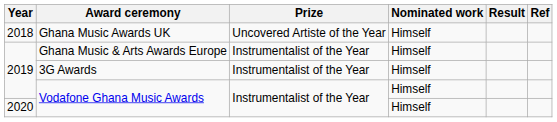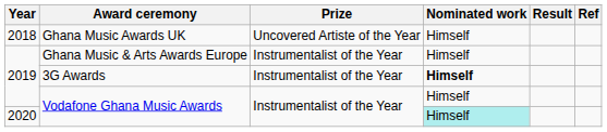 <table class="wikitable">
 <tr>
 <th>Year</th>
 <th>Award ceremony</th>
 <th>Prize</th>
 <th>Nominated work</th>
 <th>Result</th>
 <th>Ref</th>
 </tr>
 <tr>
 <td>2018</td>
 <td>Ghana Music Awards UK</td>
 <td>Uncovered Artiste of the Year</td>
 <td>Himself</td>
 <td></td>
 <td></td>
 </tr>
 <tr>
 <td rowspan="3">2019</td>
 <td>Ghana Music & Arts Awards Europe</td>
 <td>Instrumentalist of the Year</td>
 <td>Himself</td>
 <td></td>
 <td></td>
 </tr>
 <tr>
 <td>3G Awards</td>
 <td>Instrumentalist of the Year</td>
-<td>Himself</td>
+<td><strong>Himself</strong></td>
 <td></td>
 <td></td>
 </tr>
 <tr>
 <td rowspan="2"><a href='#'>Vodafone Ghana Music Awards</a></td>
 <td rowspan="2">Instrumentalist of the Year</td>
 <td>Himself</td>
 <td></td>
 <td></td>
 </tr>
 <tr>
 <td>2020</td>
-<td>Himself</td>
+<td style="background: paleturquoise;">Himself</td>
 <td></td>
 <td></td>
 </tr>
 </table>
